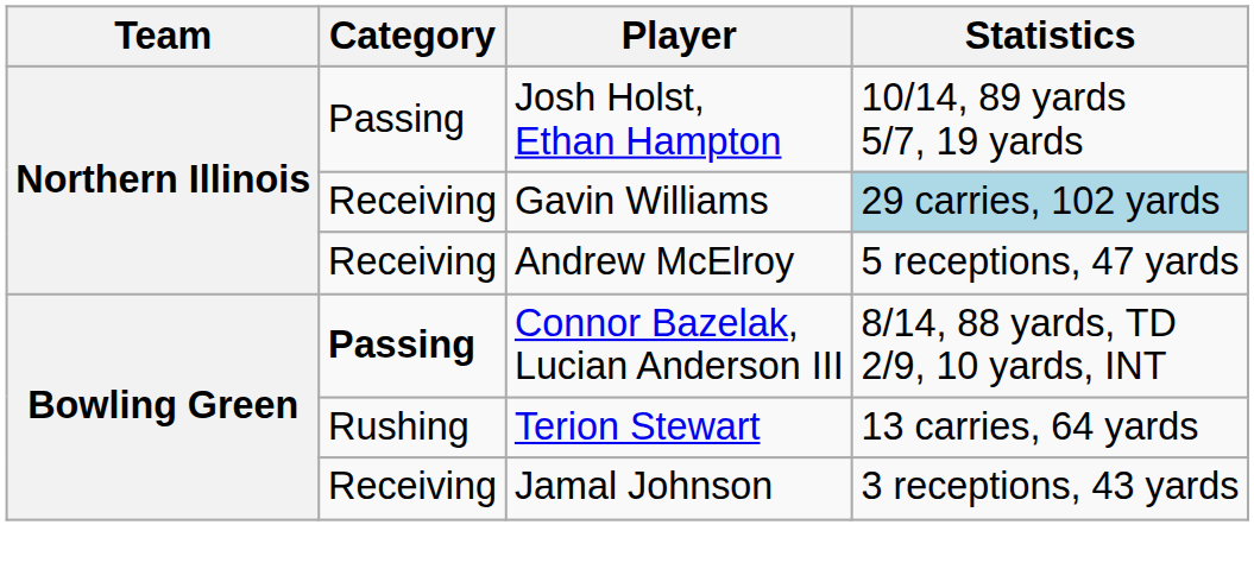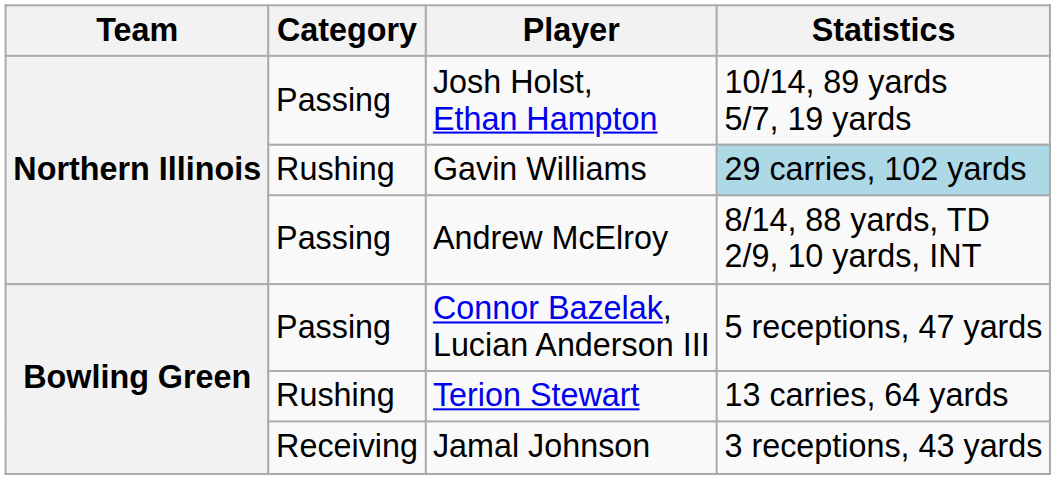 <table class="wikitable" style="float:right">
 <tr>
 <th>Team</th>
 <th>Category</th>
 <th>Player</th>
 <th>Statistics</th>
 </tr>
 <tr>
 <th rowspan=3>Northern Illinois</th>
 <td>Passing</td>
 <td>Josh Holst, <br> <a href='#'>Ethan Hampton</a></td>
 <td>10/14, 89 yards <br> 5/7, 19 yards</td>
 </tr>
 <tr>
-<td>Receiving</td>
+<td>Rushing</td>
 <td>Gavin Williams</td>
 <td style="background: lightblue;">29 carries, 102 yards</td>
 </tr>
 <tr>
-<td>Receiving</td>
+<td>Passing</td>
 <td>Andrew McElroy</td>
-<td>5 receptions, 47 yards</td>
+<td>8/14, 88 yards, TD <br> 2/9, 10 yards, INT</td>
 </tr>
 <tr>
 <th rowspan=3>Bowling Green</th>
-<td><strong>Passing</strong></td>
+<td>Passing</td>
 <td><a href='#'>Connor Bazelak</a>, <br> Lucian Anderson III</td>
-<td>8/14, 88 yards, TD <br> 2/9, 10 yards, INT</td>
+<td>5 receptions, 47 yards</td>
 </tr>
 <tr>
 <td>Rushing</td>
 <td><a href='#'>Terion Stewart</a></td>
 <td>13 carries, 64 yards</td>
 </tr>
 <tr>
 <td>Receiving</td>
 <td>Jamal Johnson</td>
 <td>3 receptions, 43 yards</td>
 </tr>
 </table>
